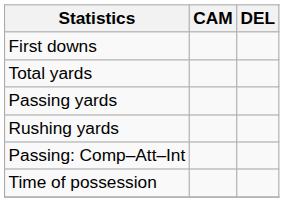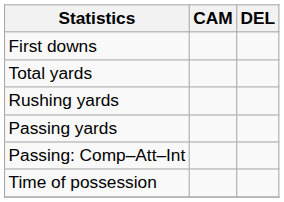 <table class="wikitable" style="float: left;">
 <tr>
 <th>Statistics</th>
 <th>CAM</th>
 <th>DEL</th>
 </tr>
 <tr>
 <td>First downs</td>
 <td></td>
 <td></td>
 </tr>
 <tr>
 <td>Total yards</td>
 <td></td>
 <td></td>
 </tr>
 <tr>
-<td>Passing yards</td>
+<td>Rushing yards</td>
 <td></td>
 <td></td>
 </tr>
 <tr>
-<td>Rushing yards</td>
+<td>Passing yards</td>
 <td></td>
 <td></td>
 </tr>
 <tr>
 <td>Passing: Comp–Att–Int</td>
 <td></td>
 <td></td>
 </tr>
 <tr>
 <td>Time of possession</td>
 <td></td>
 <td></td>
 </tr>
 <tr>
 </tr>
 </table>
